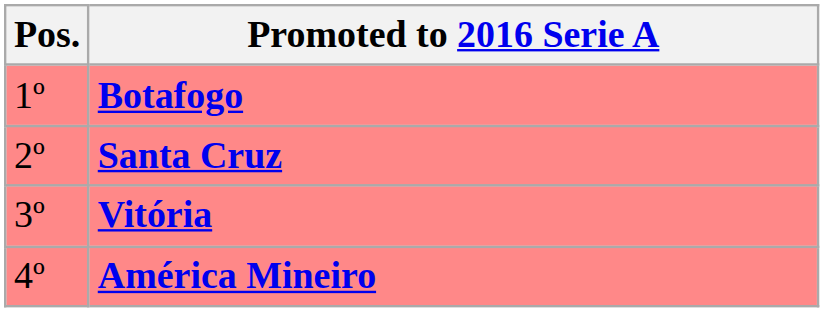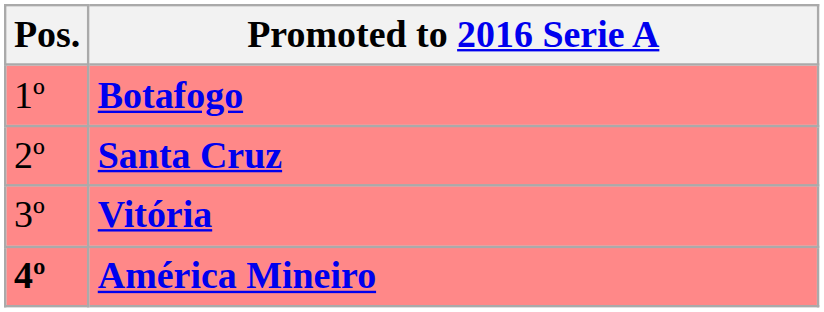 <table class="wikitable">
 <tr>
 <th align="center">Pos.</th>
 <th width=300>Promoted to <a href='#'>2016 Serie A</a></th>
 </tr>
 <tr style="background: #FF8888;">
 <td>1º</td>
 <td><strong><a href='#'>Botafogo</a></strong></td>
 </tr>
 <tr style="background: #FF8888;">
 <td>2º</td>
 <td><strong><a href='#'>Santa Cruz</a></strong></td>
 </tr>
 <tr style="background: #FF8888;">
 <td>3º</td>
 <td><strong><a href='#'>Vitória</a></strong></td>
 </tr>
 <tr style="background: #FF8888;">
-<td>4º</td>
+<td><strong>4º</strong></td>
 <td><strong><a href='#'>América Mineiro</a></strong></td>
 </tr>
 </table>
